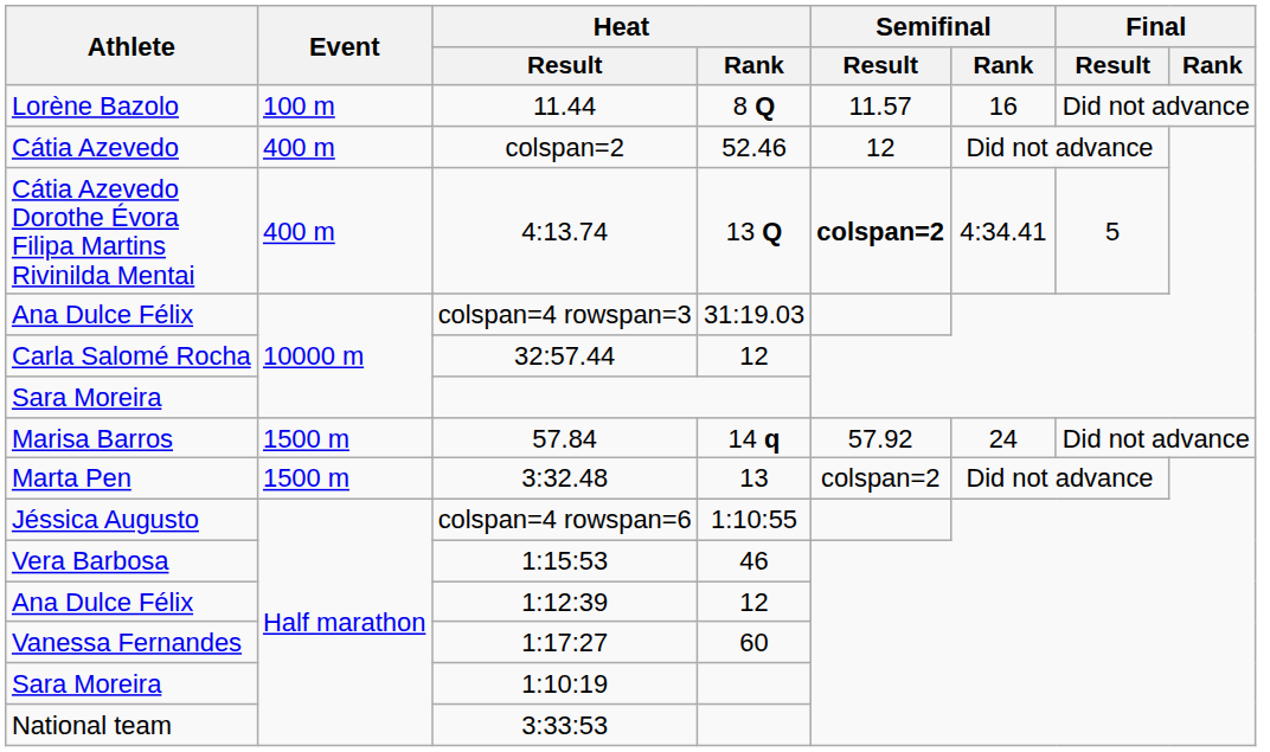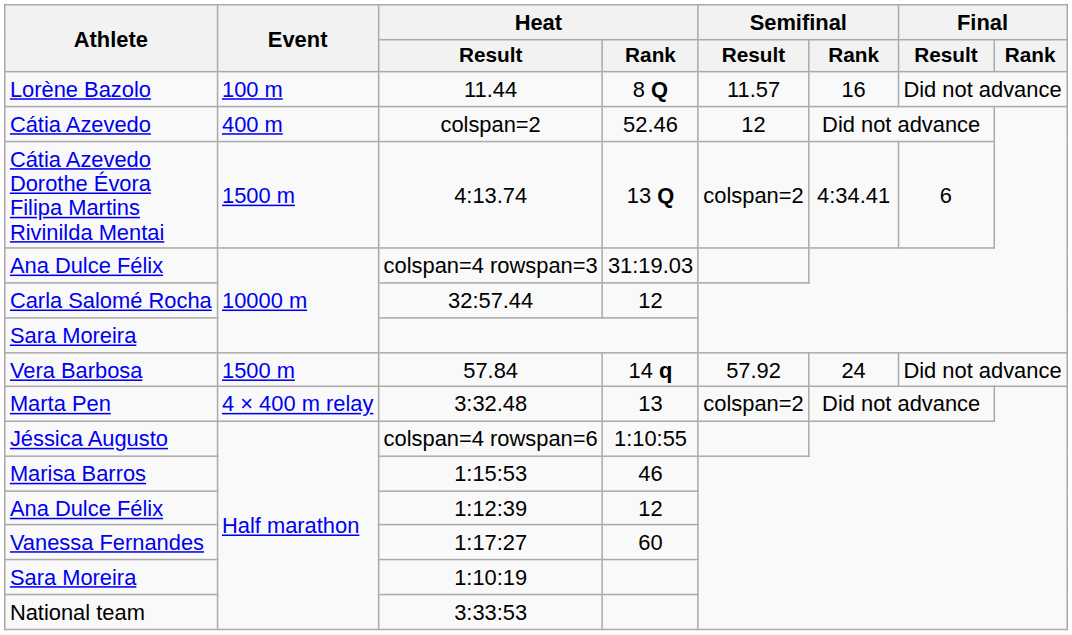 <table class=wikitable style="font-size:90%">
 <tr>
 <th rowspan=2>Athlete</th>
 <th rowspan=2>Event</th>
 <th colspan=2>Heat</th>
 <th colspan=2>Semifinal</th>
 <th colspan=2>Final</th>
 </tr>
 <tr style="font-size:95%">
 <th>Result</th>
 <th>Rank</th>
 <th>Result</th>
 <th>Rank</th>
 <th>Result</th>
 <th>Rank</th>
 </tr>
 <tr align=center>
 <td align=left><a href='#'>Lorène Bazolo</a></td>
 <td align=left><a href='#'>100 m</a></td>
 <td>11.44</td>
 <td>8 <strong>Q</strong></td>
 <td>11.57</td>
 <td>16</td>
 <td colspan=2>Did not advance</td>
 </tr>
 <tr align=center>
 <td align=left><a href='#'>Cátia Azevedo</a></td>
 <td align=left><a href='#'>400 m</a></td>
 <td>colspan=2 </td>
 <td>52.46</td>
 <td>12</td>
 <td colspan=2>Did not advance</td>
 </tr>
 <tr align=center>
 <td align=left><a href='#'>Cátia Azevedo</a><br><a href='#'>Dorothe Évora</a><br><a href='#'>Filipa Martins</a><br><a href='#'>Rivinilda Mentai</a></td>
-<td align=left><a href='#'>400 m</a></td>
+<td align=left><a href='#'>1500 m</a></td>
 <td>4:13.74</td>
 <td>13 <strong>Q</strong></td>
-<td><strong>colspan=2 </strong></td>
+<td>colspan=2 </td>
 <td>4:34.41</td>
-<td>5</td>
+<td>6</td>
 </tr>
 <tr align=center>
 <td align=left><a href='#'>Ana Dulce Félix</a></td>
 <td align=left rowspan=3><a href='#'>10000 m</a></td>
 <td>colspan=4 rowspan=3 </td>
 <td>31:19.03 <strong></strong></td>
 <td></td>
 </tr>
 <tr align=center>
 <td align=left><a href='#'>Carla Salomé Rocha</a></td>
 <td>32:57.44</td>
 <td>12</td>
 </tr>
 <tr align=center>
 <td align=left><a href='#'>Sara Moreira</a></td>
 <td colspan=2></td>
 </tr>
 <tr align=center>
-<td align=left><a href='#'>Marisa Barros</a></td>
+<td align=left><a href='#'>Vera Barbosa</a></td>
 <td align=left><a href='#'>1500 m</a></td>
 <td>57.84</td>
 <td>14 <strong>q</strong></td>
 <td>57.92</td>
 <td>24</td>
 <td colspan=2>Did not advance</td>
 </tr>
 <tr align=center>
 <td align=left><a href='#'>Marta Pen</a></td>
-<td align=left><a href='#'>1500 m</a></td>
+<td align=left><a href='#'>4 × 400 m relay</a></td>
 <td>3:32.48 </td>
 <td>13</td>
 <td>colspan=2 </td>
 <td colspan=2>Did not advance</td>
 </tr>
 <tr align=center>
 <td align=left><a href='#'>Jéssica Augusto</a></td>
 <td align=left rowspan=6><a href='#'>Half marathon</a></td>
 <td>colspan=4 rowspan=6 </td>
 <td>1:10:55 <strong></strong></td>
 <td></td>
 </tr>
 <tr align=center>
-<td align=left><a href='#'>Vera Barbosa</a></td>
+<td align=left><a href='#'>Marisa Barros</a></td>
 <td>1:15:53</td>
 <td>46</td>
 </tr>
 <tr align=center>
 <td align=left><a href='#'>Ana Dulce Félix</a></td>
 <td>1:12:39 <strong></strong></td>
 <td>12</td>
 </tr>
 <tr align=center>
 <td align=left><a href='#'>Vanessa Fernandes</a></td>
 <td>1:17:27</td>
 <td>60</td>
 </tr>
 <tr align=center>
 <td align=left><a href='#'>Sara Moreira</a></td>
 <td>1:10:19</td>
 <td></td>
 </tr>
 <tr align=center>
 <td align=left>National team</td>
 <td>3:33:53</td>
 <td></td>
 </tr>
 </table>
